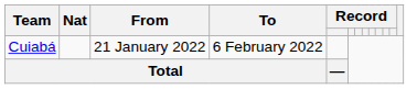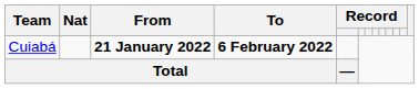 <table class="wikitable" style="text-align: center">
 <tr>
 <th rowspan="2">Team</th>
 <th rowspan="2">Nat</th>
 <th rowspan="2">From</th>
 <th rowspan="2">To</th>
 <th colspan="8">Record</th>
 <th rowspan=2></th>
 </tr>
 <tr>
 <th></th>
 <th></th>
 <th></th>
 <th></th>
 <th></th>
 <th></th>
 <th></th>
 <th></th>
 </tr>
 <tr>
 <td align=left><a href='#'>Cuiabá</a></td>
 <td></td>
-<td align=left>21 January 2022</td>
-<td align=left>6 February 2022<br></td>
+<td align=left><strong>21 January 2022</strong></td>
+<td align=left><strong>6 February 2022<br></strong></td>
 <td></td>
 </tr>
 <tr>
 <th colspan="4">Total<br></th>
 <th>—</th>
 </tr>
 </table>
